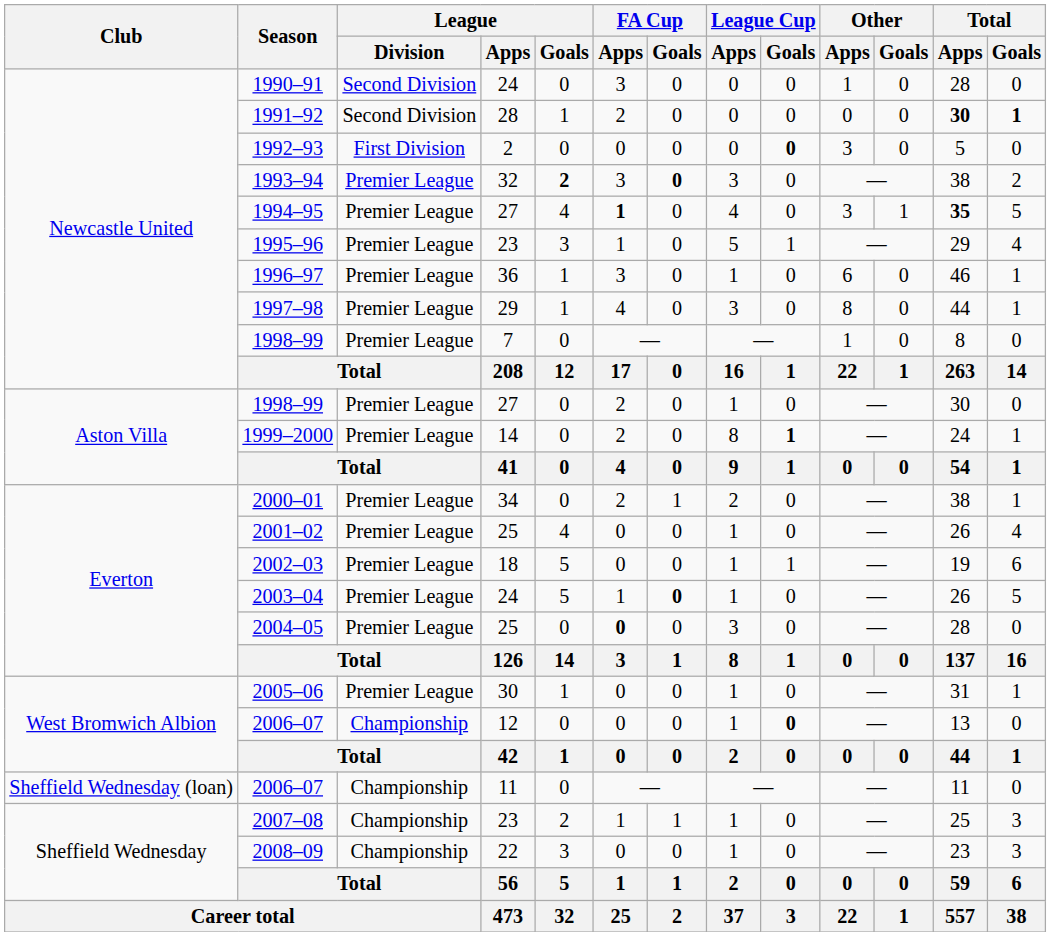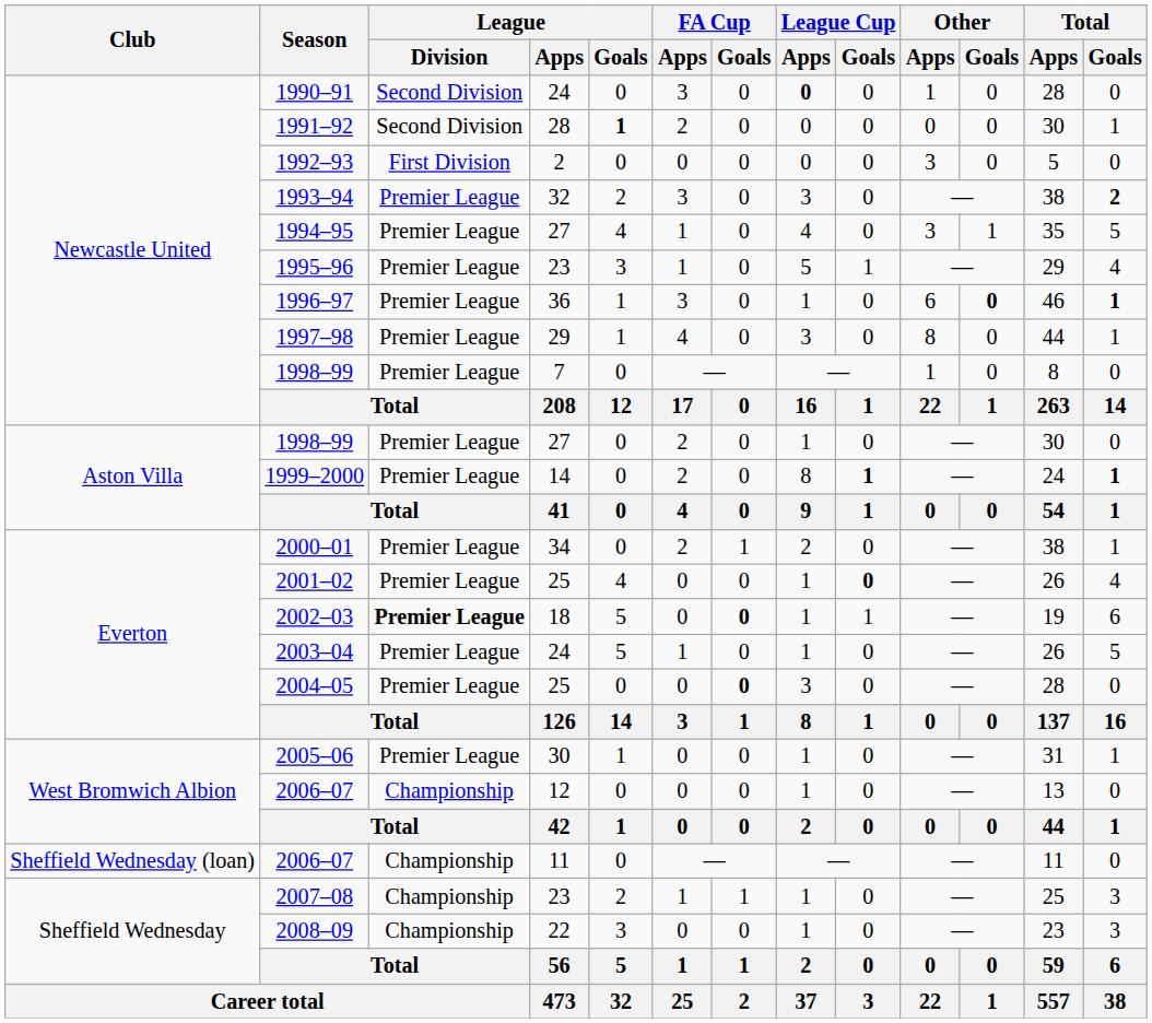 <table class=wikitable style=text-align:center>
 <tr>
 <th rowspan=2>Club</th>
 <th rowspan=2>Season</th>
 <th colspan=3>League</th>
 <th colspan=2><a href='#'>FA Cup</a></th>
 <th colspan=2><a href='#'>League Cup</a></th>
 <th colspan=2>Other</th>
 <th colspan=2>Total</th>
 </tr>
 <tr>
 <th>Division</th>
 <th>Apps</th>
 <th>Goals</th>
 <th>Apps</th>
 <th>Goals</th>
 <th>Apps</th>
 <th>Goals</th>
 <th>Apps</th>
 <th>Goals</th>
 <th>Apps</th>
 <th>Goals</th>
 </tr>
 <tr>
 <td rowspan=10><a href='#'>Newcastle United</a></td>
 <td><a href='#'>1990–91</a></td>
 <td><a href='#'>Second Division</a></td>
 <td>24</td>
 <td>0</td>
 <td>3</td>
 <td>0</td>
-<td>0</td>
+<td><strong>0</strong></td>
 <td>0</td>
 <td>1</td>
 <td>0</td>
 <td>28</td>
 <td>0</td>
 </tr>
 <tr>
 <td><a href='#'>1991–92</a></td>
 <td>Second Division</td>
 <td>28</td>
-<td>1</td>
+<td><strong>1</strong></td>
 <td>2</td>
 <td>0</td>
 <td>0</td>
 <td>0</td>
 <td>0</td>
 <td>0</td>
-<td><strong>30</strong></td>
-<td><strong>1</strong></td>
+<td>30</td>
+<td>1</td>
 </tr>
 <tr>
 <td><a href='#'>1992–93</a></td>
 <td><a href='#'>First Division</a></td>
 <td>2</td>
 <td>0</td>
 <td>0</td>
 <td>0</td>
 <td>0</td>
-<td><strong>0</strong></td>
+<td>0</td>
 <td>3</td>
 <td>0</td>
 <td>5</td>
 <td>0</td>
 </tr>
 <tr>
 <td><a href='#'>1993–94</a></td>
 <td><a href='#'>Premier League</a></td>
 <td>32</td>
-<td><strong>2</strong></td>
+<td>2</td>
 <td>3</td>
-<td><strong>0</strong></td>
+<td>0</td>
 <td>3</td>
 <td>0</td>
 <td colspan=2>—</td>
 <td>38</td>
-<td>2</td>
+<td><strong>2</strong></td>
 </tr>
 <tr>
 <td><a href='#'>1994–95</a></td>
 <td>Premier League</td>
 <td>27</td>
 <td>4</td>
-<td><strong>1</strong></td>
+<td>1</td>
 <td>0</td>
 <td>4</td>
 <td>0</td>
 <td>3</td>
 <td>1</td>
-<td><strong>35</strong></td>
+<td>35</td>
 <td>5</td>
 </tr>
 <tr>
 <td><a href='#'>1995–96</a></td>
 <td>Premier League</td>
 <td>23</td>
 <td>3</td>
 <td>1</td>
 <td>0</td>
 <td>5</td>
 <td>1</td>
 <td colspan=2>—</td>
 <td>29</td>
 <td>4</td>
 </tr>
 <tr>
 <td><a href='#'>1996–97</a></td>
 <td>Premier League</td>
 <td>36</td>
 <td>1</td>
 <td>3</td>
 <td>0</td>
 <td>1</td>
 <td>0</td>
 <td>6</td>
-<td>0</td>
+<td><strong>0</strong></td>
 <td>46</td>
-<td>1</td>
+<td><strong>1</strong></td>
 </tr>
 <tr>
 <td><a href='#'>1997–98</a></td>
 <td>Premier League</td>
 <td>29</td>
 <td>1</td>
 <td>4</td>
 <td>0</td>
 <td>3</td>
 <td>0</td>
 <td>8</td>
 <td>0</td>
 <td>44</td>
 <td>1</td>
 </tr>
 <tr>
 <td><a href='#'>1998–99</a></td>
 <td>Premier League</td>
 <td>7</td>
 <td>0</td>
 <td colspan=2>—</td>
 <td colspan=2>—</td>
 <td>1</td>
 <td>0</td>
 <td>8</td>
 <td>0</td>
 </tr>
 <tr>
 <th colspan=2>Total</th>
 <th>208</th>
 <th>12</th>
 <th>17</th>
 <th>0</th>
 <th>16</th>
 <th>1</th>
 <th>22</th>
 <th>1</th>
 <th>263</th>
 <th>14</th>
 </tr>
 <tr>
 <td rowspan=3><a href='#'>Aston Villa</a></td>
 <td><a href='#'>1998–99</a></td>
 <td>Premier League</td>
 <td>27</td>
 <td>0</td>
 <td>2</td>
 <td>0</td>
 <td>1</td>
 <td>0</td>
 <td colspan=2>—</td>
 <td>30</td>
 <td>0</td>
 </tr>
 <tr>
 <td><a href='#'>1999–2000</a></td>
 <td>Premier League</td>
 <td>14</td>
 <td>0</td>
 <td>2</td>
 <td>0</td>
 <td>8</td>
 <td><strong>1</strong></td>
 <td colspan=2>—</td>
 <td>24</td>
-<td>1</td>
+<td><strong>1</strong></td>
 </tr>
 <tr>
 <th colspan=2>Total</th>
 <th>41</th>
 <th>0</th>
 <th>4</th>
 <th>0</th>
 <th>9</th>
 <th>1</th>
 <th>0</th>
 <th>0</th>
 <th>54</th>
 <th>1</th>
 </tr>
 <tr>
 <td rowspan=6><a href='#'>Everton</a></td>
 <td><a href='#'>2000–01</a></td>
 <td>Premier League</td>
 <td>34</td>
 <td>0</td>
 <td>2</td>
 <td>1</td>
 <td>2</td>
 <td>0</td>
 <td colspan=2>—</td>
 <td>38</td>
 <td>1</td>
 </tr>
 <tr>
 <td><a href='#'>2001–02</a></td>
 <td>Premier League</td>
 <td>25</td>
 <td>4</td>
 <td>0</td>
 <td>0</td>
 <td>1</td>
-<td>0</td>
+<td><strong>0</strong></td>
 <td colspan=2>—</td>
 <td>26</td>
 <td>4</td>
 </tr>
 <tr>
 <td><a href='#'>2002–03</a></td>
-<td>Premier League</td>
+<td><strong>Premier League</strong></td>
 <td>18</td>
 <td>5</td>
 <td>0</td>
-<td>0</td>
+<td><strong>0</strong></td>
 <td>1</td>
 <td>1</td>
 <td colspan=2>—</td>
 <td>19</td>
 <td>6</td>
 </tr>
 <tr>
 <td><a href='#'>2003–04</a></td>
 <td>Premier League</td>
 <td>24</td>
 <td>5</td>
 <td>1</td>
-<td><strong>0</strong></td>
+<td>0</td>
 <td>1</td>
 <td>0</td>
 <td colspan=2>—</td>
 <td>26</td>
 <td>5</td>
 </tr>
 <tr>
 <td><a href='#'>2004–05</a></td>
 <td>Premier League</td>
 <td>25</td>
 <td>0</td>
+<td>0</td>
 <td><strong>0</strong></td>
-<td>0</td>
 <td>3</td>
 <td>0</td>
 <td colspan=2>—</td>
 <td>28</td>
 <td>0</td>
 </tr>
 <tr>
 <th colspan=2>Total</th>
 <th>126</th>
 <th>14</th>
 <th>3</th>
 <th>1</th>
 <th>8</th>
 <th>1</th>
 <th>0</th>
 <th>0</th>
 <th>137</th>
 <th>16</th>
 </tr>
 <tr>
 <td rowspan=3><a href='#'>West Bromwich Albion</a></td>
 <td><a href='#'>2005–06</a></td>
 <td>Premier League</td>
 <td>30</td>
 <td>1</td>
 <td>0</td>
 <td>0</td>
 <td>1</td>
 <td>0</td>
 <td colspan=2>—</td>
 <td>31</td>
 <td>1</td>
 </tr>
 <tr>
 <td><a href='#'>2006–07</a></td>
 <td><a href='#'>Championship</a></td>
 <td>12</td>
 <td>0</td>
 <td>0</td>
 <td>0</td>
 <td>1</td>
-<td><strong>0</strong></td>
+<td>0</td>
 <td colspan=2>—</td>
 <td>13</td>
 <td>0</td>
 </tr>
 <tr>
 <th colspan=2>Total</th>
 <th>42</th>
 <th>1</th>
 <th>0</th>
 <th>0</th>
 <th>2</th>
 <th>0</th>
 <th>0</th>
 <th>0</th>
 <th>44</th>
 <th>1</th>
 </tr>
 <tr>
 <td><a href='#'>Sheffield Wednesday</a> (loan)</td>
 <td><a href='#'>2006–07</a></td>
 <td>Championship</td>
 <td>11</td>
 <td>0</td>
 <td colspan=2>—</td>
 <td colspan=2>—</td>
 <td colspan=2>—</td>
 <td>11</td>
 <td>0</td>
 </tr>
 <tr>
 <td rowspan=3>Sheffield Wednesday</td>
 <td><a href='#'>2007–08</a></td>
 <td>Championship</td>
 <td>23</td>
 <td>2</td>
 <td>1</td>
 <td>1</td>
 <td>1</td>
 <td>0</td>
 <td colspan=2>—</td>
 <td>25</td>
 <td>3</td>
 </tr>
 <tr>
 <td><a href='#'>2008–09</a></td>
 <td>Championship</td>
 <td>22</td>
 <td>3</td>
 <td>0</td>
 <td>0</td>
 <td>1</td>
 <td>0</td>
 <td colspan=2>—</td>
 <td>23</td>
 <td>3</td>
 </tr>
 <tr>
 <th colspan=2>Total</th>
 <th>56</th>
 <th>5</th>
 <th>1</th>
 <th>1</th>
 <th>2</th>
 <th>0</th>
 <th>0</th>
 <th>0</th>
 <th>59</th>
 <th>6</th>
 </tr>
 <tr>
 <th colspan=3>Career total</th>
 <th>473</th>
 <th>32</th>
 <th>25</th>
 <th>2</th>
 <th>37</th>
 <th>3</th>
 <th>22</th>
 <th>1</th>
 <th>557</th>
 <th>38</th>
 </tr>
 </table>
